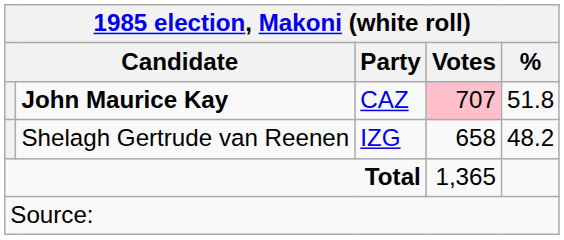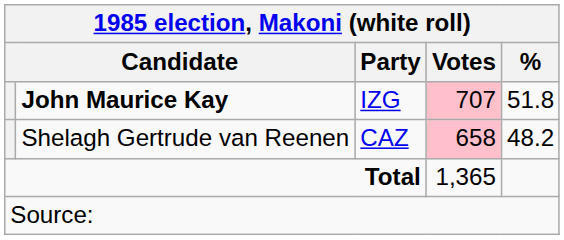 <table class="wikitable">
 <tr>
 <th colspan="5"><a href='#'>1985 election</a>, <a href='#'>Makoni</a> (white roll)</th>
 </tr>
 <tr>
 <th colspan="2">Candidate</th>
 <th>Party</th>
 <th>Votes</th>
 <th>%</th>
 </tr>
 <tr>
 <th style="background-color: "></th>
 <td><strong>John Maurice Kay</strong></td>
-<td><a href='#'>CAZ</a></td>
+<td><a href='#'>IZG</a></td>
 <td style="background: pink; text-align:right">707</td>
 <td style="text-align:right">51.8</td>
 </tr>
 <tr>
 <th style="background-color: "></th>
 <td>Shelagh Gertrude van Reenen</td>
-<td><a href='#'>IZG</a></td>
-<td style="text-align:right">658</td>
+<td><a href='#'>CAZ</a></td>
+<td style="background: pink; text-align:right">658</td>
 <td style="text-align:right">48.2</td>
 </tr>
 <tr>
 <td colspan="3" style="text-align:right"><strong>Total</strong></td>
 <td style="text-align:right">1,365</td>
 <td style="text-align:right"></td>
 </tr>
 <tr>
 <td colspan="5" style="text-align:left">Source:</td>
 </tr>
 </table>
